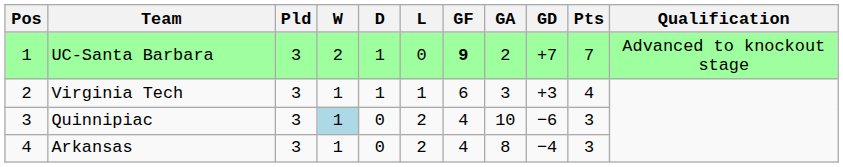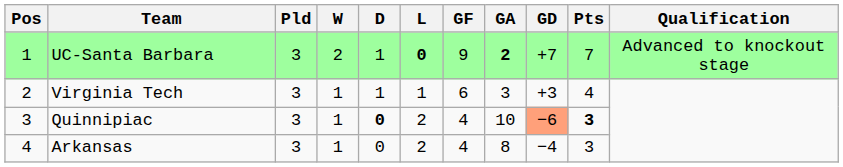 <table class="wikitable" style="text-align:center; margin: 1em auto">
 <tr>
 <th style="width:2em">Pos</th>
 <th style="width:13em">Team</th>
 <th style="width:2em">Pld</th>
 <th style="width:2em">W</th>
 <th style="width:2em">D</th>
 <th style="width:2em">L</th>
 <th style="width:2em">GF</th>
 <th style="width:2em">GA</th>
 <th style="width:2em">GD</th>
 <th style="width:2em">Pts</th>
 <th style="width:13em">Qualification</th>
 </tr>
 <tr bgcolor="#9eff9e">
 <td>1</td>
 <td style="text-align:left">UC-Santa Barbara</td>
 <td>3</td>
 <td>2</td>
 <td>1</td>
-<td>0</td>
-<td><strong>9</strong></td>
-<td>2</td>
+<td><strong>0</strong></td>
+<td>9</td>
+<td><strong>2</strong></td>
 <td>+7</td>
 <td>7</td>
 <td>Advanced to knockout stage</td>
 </tr>
 <tr>
 <td>2</td>
 <td style="text-align:left">Virginia Tech</td>
 <td>3</td>
 <td>1</td>
 <td>1</td>
 <td>1</td>
 <td>6</td>
 <td>3</td>
 <td>+3</td>
 <td>4</td>
 <td rowspan="3"></td>
 </tr>
 <tr>
 <td>3</td>
 <td style="text-align:left">Quinnipiac</td>
 <td>3</td>
-<td style="background: lightblue;">1</td>
-<td>0</td>
+<td>1</td>
+<td><strong>0</strong></td>
 <td>2</td>
 <td>4</td>
 <td>10</td>
-<td>−6</td>
-<td>3</td>
+<td style="background: lightsalmon;">−6</td>
+<td><strong>3</strong></td>
 </tr>
 <tr>
 <td>4</td>
 <td style="text-align:left">Arkansas</td>
 <td>3</td>
 <td>1</td>
 <td>0</td>
 <td>2</td>
 <td>4</td>
 <td>8</td>
 <td>−4</td>
 <td>3</td>
 </tr>
 </table>
